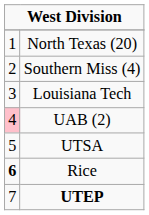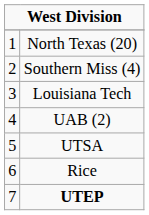 <table class="wikitable" style="display: inline-table;">
 <tr align="center">
 <td align="center" Colspan="2"><strong>West Division</strong></td>
 </tr>
 <tr align="center">
 </tr>
 <tr align="center">
 <td>1</td>
 <td>North Texas (20)</td>
 </tr>
 <tr align="center">
 <td>2</td>
 <td>Southern Miss (4)</td>
 </tr>
 <tr align="center">
 <td>3</td>
 <td>Louisiana Tech</td>
 </tr>
 <tr align="center">
-<td style="background: pink;">4</td>
+<td>4</td>
 <td>UAB (2)</td>
 </tr>
 <tr align="center">
 <td>5</td>
 <td>UTSA</td>
 </tr>
 <tr align="center">
-<td><strong>6</strong></td>
+<td>6</td>
 <td>Rice</td>
 </tr>
 <tr align="center">
 <td>7</td>
 <td><strong>UTEP</strong></td>
 </tr>
 </table>
